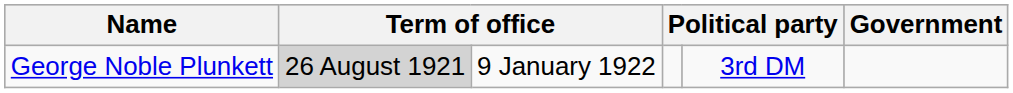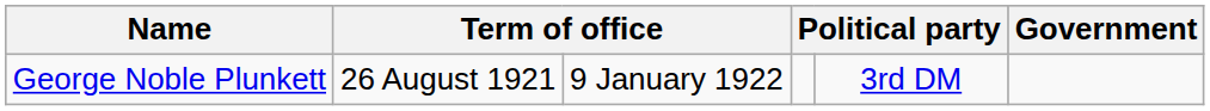 <table class="wikitable" style="text-align:center; font-size:100%;">
 <tr>
 <th>Name</th>
 <th colspan=2>Term of office</th>
 <th colspan=2>Political party</th>
 <th>Government</th>
 </tr>
 <tr>
 <td><a href='#'>George Noble Plunkett</a></td>
-<td style="background: lightgrey;">26 August 1921</td>
+<td>26 August 1921</td>
 <td>9 January 1922</td>
 <td></td>
 <td><a href='#'>3rd DM</a></td>
 </tr>
 </table>
